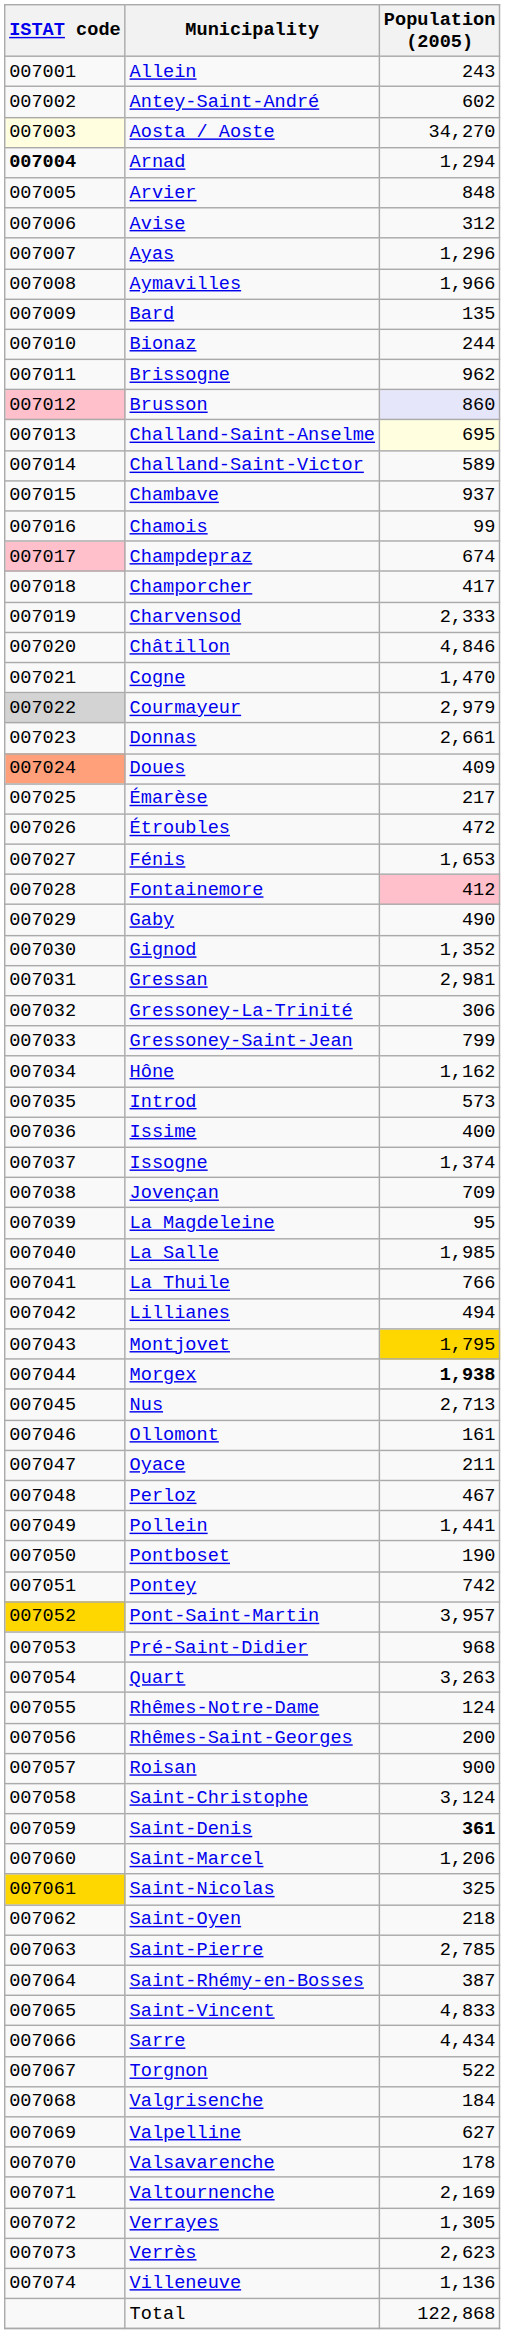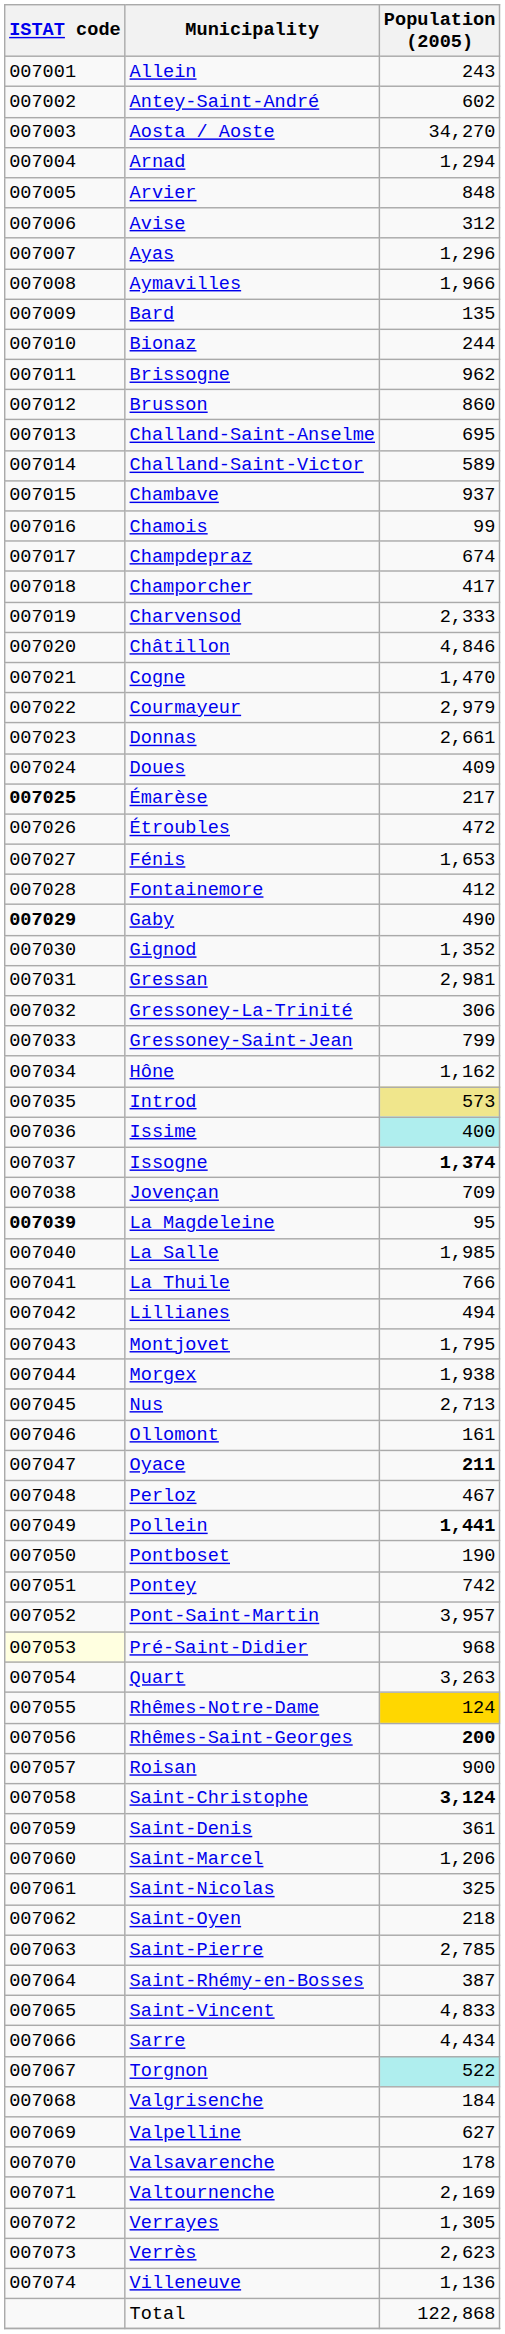 <table class="wikitable sortable">
 <tr>
 <th><a href='#'>ISTAT</a> code</th>
 <th>Municipality</th>
 <th>Population <br>(2005)</th>
 </tr>
 <tr>
 <td>007001</td>
 <td><a href='#'>Allein</a></td>
 <td align="right">243</td>
 </tr>
 <tr>
 <td>007002</td>
 <td><a href='#'>Antey-Saint-André</a></td>
 <td align="right">602</td>
 </tr>
 <tr>
-<td style="background: lightyellow;">007003</td>
+<td>007003</td>
 <td><a href='#'>Aosta / Aoste</a></td>
 <td align="right">34,270</td>
 </tr>
 <tr>
-<td><strong>007004</strong></td>
+<td>007004</td>
 <td><a href='#'>Arnad</a></td>
 <td align="right">1,294</td>
 </tr>
 <tr>
 <td>007005</td>
 <td><a href='#'>Arvier</a></td>
 <td align="right">848</td>
 </tr>
 <tr>
 <td>007006</td>
 <td><a href='#'>Avise</a></td>
 <td align="right">312</td>
 </tr>
 <tr>
 <td>007007</td>
 <td><a href='#'>Ayas</a></td>
 <td align="right">1,296</td>
 </tr>
 <tr>
 <td>007008</td>
 <td><a href='#'>Aymavilles</a></td>
 <td align="right">1,966</td>
 </tr>
 <tr>
 <td>007009</td>
 <td><a href='#'>Bard</a></td>
 <td align="right">135</td>
 </tr>
 <tr>
 <td>007010</td>
 <td><a href='#'>Bionaz</a></td>
 <td align="right">244</td>
 </tr>
 <tr>
 <td>007011</td>
 <td><a href='#'>Brissogne</a></td>
 <td align="right">962</td>
 </tr>
 <tr>
-<td style="background: pink;">007012</td>
+<td>007012</td>
 <td><a href='#'>Brusson</a></td>
-<td align="right" style="background: lavender;">860</td>
+<td align="right">860</td>
 </tr>
 <tr>
 <td>007013</td>
 <td><a href='#'>Challand-Saint-Anselme</a></td>
-<td align="right" style="background: lightyellow;">695</td>
+<td align="right">695</td>
 </tr>
 <tr>
 <td>007014</td>
 <td><a href='#'>Challand-Saint-Victor</a></td>
 <td align="right">589</td>
 </tr>
 <tr>
 <td>007015</td>
 <td><a href='#'>Chambave</a></td>
 <td align="right">937</td>
 </tr>
 <tr>
 <td>007016</td>
 <td><a href='#'>Chamois</a></td>
 <td align="right">99</td>
 </tr>
 <tr>
-<td style="background: pink;">007017</td>
+<td>007017</td>
 <td><a href='#'>Champdepraz</a></td>
 <td align="right">674</td>
 </tr>
 <tr>
 <td>007018</td>
 <td><a href='#'>Champorcher</a></td>
 <td align="right">417</td>
 </tr>
 <tr>
 <td>007019</td>
 <td><a href='#'>Charvensod</a></td>
 <td align="right">2,333</td>
 </tr>
 <tr>
 <td>007020</td>
 <td><a href='#'>Châtillon</a></td>
 <td align="right">4,846</td>
 </tr>
 <tr>
 <td>007021</td>
 <td><a href='#'>Cogne</a></td>
 <td align="right">1,470</td>
 </tr>
 <tr>
-<td style="background: lightgrey;">007022</td>
+<td>007022</td>
 <td><a href='#'>Courmayeur</a></td>
 <td align="right">2,979</td>
 </tr>
 <tr>
 <td>007023</td>
 <td><a href='#'>Donnas</a></td>
 <td align="right">2,661</td>
 </tr>
 <tr>
-<td style="background: lightsalmon;">007024</td>
+<td>007024</td>
 <td><a href='#'>Doues</a></td>
 <td align="right">409</td>
 </tr>
 <tr>
-<td>007025</td>
+<td><strong>007025</strong></td>
 <td><a href='#'>Émarèse</a></td>
 <td align="right">217</td>
 </tr>
 <tr>
 <td>007026</td>
 <td><a href='#'>Étroubles</a></td>
 <td align="right">472</td>
 </tr>
 <tr>
 <td>007027</td>
 <td><a href='#'>Fénis</a></td>
 <td align="right">1,653</td>
 </tr>
 <tr>
 <td>007028</td>
 <td><a href='#'>Fontainemore</a></td>
-<td align="right" style="background: pink;">412</td>
+<td align="right">412</td>
 </tr>
 <tr>
-<td>007029</td>
+<td><strong>007029</strong></td>
 <td><a href='#'>Gaby</a></td>
 <td align="right">490</td>
 </tr>
 <tr>
 <td>007030</td>
 <td><a href='#'>Gignod</a></td>
 <td align="right">1,352</td>
 </tr>
 <tr>
 <td>007031</td>
 <td><a href='#'>Gressan</a></td>
 <td align="right">2,981</td>
 </tr>
 <tr>
 <td>007032</td>
 <td><a href='#'>Gressoney-La-Trinité</a></td>
 <td align="right">306</td>
 </tr>
 <tr>
 <td>007033</td>
 <td><a href='#'>Gressoney-Saint-Jean</a></td>
 <td align="right">799</td>
 </tr>
 <tr>
 <td>007034</td>
 <td><a href='#'>Hône</a></td>
 <td align="right">1,162</td>
 </tr>
 <tr>
 <td>007035</td>
 <td><a href='#'>Introd</a></td>
-<td align="right">573</td>
+<td align="right" style="background: khaki;">573</td>
 </tr>
 <tr>
 <td>007036</td>
 <td><a href='#'>Issime</a></td>
-<td align="right">400</td>
+<td align="right" style="background: paleturquoise;">400</td>
 </tr>
 <tr>
 <td>007037</td>
 <td><a href='#'>Issogne</a></td>
-<td align="right">1,374</td>
+<td align="right"><strong>1,374</strong></td>
 </tr>
 <tr>
 <td>007038</td>
 <td><a href='#'>Jovençan</a></td>
 <td align="right">709</td>
 </tr>
 <tr>
-<td>007039</td>
+<td><strong>007039</strong></td>
 <td><a href='#'>La Magdeleine</a></td>
 <td align="right">95</td>
 </tr>
 <tr>
 <td>007040</td>
 <td><a href='#'>La Salle</a></td>
 <td align="right">1,985</td>
 </tr>
 <tr>
 <td>007041</td>
 <td><a href='#'>La Thuile</a></td>
 <td align="right">766</td>
 </tr>
 <tr>
 <td>007042</td>
 <td><a href='#'>Lillianes</a></td>
 <td align="right">494</td>
 </tr>
 <tr>
 <td>007043</td>
 <td><a href='#'>Montjovet</a></td>
-<td align="right" style="background: gold;">1,795</td>
+<td align="right">1,795</td>
 </tr>
 <tr>
 <td>007044</td>
 <td><a href='#'>Morgex</a></td>
-<td align="right"><strong>1,938</strong></td>
+<td align="right">1,938</td>
 </tr>
 <tr>
 <td>007045</td>
 <td><a href='#'>Nus</a></td>
 <td align="right">2,713</td>
 </tr>
 <tr>
 <td>007046</td>
 <td><a href='#'>Ollomont</a></td>
 <td align="right">161</td>
 </tr>
 <tr>
 <td>007047</td>
 <td><a href='#'>Oyace</a></td>
-<td align="right">211</td>
+<td align="right"><strong>211</strong></td>
 </tr>
 <tr>
 <td>007048</td>
 <td><a href='#'>Perloz</a></td>
 <td align="right">467</td>
 </tr>
 <tr>
 <td>007049</td>
 <td><a href='#'>Pollein</a></td>
-<td align="right">1,441</td>
+<td align="right"><strong>1,441</strong></td>
 </tr>
 <tr>
 <td>007050</td>
 <td><a href='#'>Pontboset</a></td>
 <td align="right">190</td>
 </tr>
 <tr>
 <td>007051</td>
 <td><a href='#'>Pontey</a></td>
 <td align="right">742</td>
 </tr>
 <tr>
-<td style="background: gold;">007052</td>
+<td>007052</td>
 <td><a href='#'>Pont-Saint-Martin</a></td>
 <td align="right">3,957</td>
 </tr>
 <tr>
-<td>007053</td>
+<td style="background: lightyellow;">007053</td>
 <td><a href='#'>Pré-Saint-Didier</a></td>
 <td align="right">968</td>
 </tr>
 <tr>
 <td>007054</td>
 <td><a href='#'>Quart</a></td>
 <td align="right">3,263</td>
 </tr>
 <tr>
 <td>007055</td>
 <td><a href='#'>Rhêmes-Notre-Dame</a></td>
-<td align="right">124</td>
+<td align="right" style="background: gold;">124</td>
 </tr>
 <tr>
 <td>007056</td>
 <td><a href='#'>Rhêmes-Saint-Georges</a></td>
-<td align="right">200</td>
+<td align="right"><strong>200</strong></td>
 </tr>
 <tr>
 <td>007057</td>
 <td><a href='#'>Roisan</a></td>
 <td align="right">900</td>
 </tr>
 <tr>
 <td>007058</td>
 <td><a href='#'>Saint-Christophe</a></td>
-<td align="right">3,124</td>
+<td align="right"><strong>3,124</strong></td>
 </tr>
 <tr>
 <td>007059</td>
 <td><a href='#'>Saint-Denis</a></td>
-<td align="right"><strong>361</strong></td>
+<td align="right">361</td>
 </tr>
 <tr>
 <td>007060</td>
 <td><a href='#'>Saint-Marcel</a></td>
 <td align="right">1,206</td>
 </tr>
 <tr>
-<td style="background: gold;">007061</td>
+<td>007061</td>
 <td><a href='#'>Saint-Nicolas</a></td>
 <td align="right">325</td>
 </tr>
 <tr>
 <td>007062</td>
 <td><a href='#'>Saint-Oyen</a></td>
 <td align="right">218</td>
 </tr>
 <tr>
 <td>007063</td>
 <td><a href='#'>Saint-Pierre</a></td>
 <td align="right">2,785</td>
 </tr>
 <tr>
 <td>007064</td>
 <td><a href='#'>Saint-Rhémy-en-Bosses</a></td>
 <td align="right">387</td>
 </tr>
 <tr>
 <td>007065</td>
 <td><a href='#'>Saint-Vincent</a></td>
 <td align="right">4,833</td>
 </tr>
 <tr>
 <td>007066</td>
 <td><a href='#'>Sarre</a></td>
 <td align="right">4,434</td>
 </tr>
 <tr>
 <td>007067</td>
 <td><a href='#'>Torgnon</a></td>
-<td align="right">522</td>
+<td align="right" style="background: paleturquoise;">522</td>
 </tr>
 <tr>
 <td>007068</td>
 <td><a href='#'>Valgrisenche</a></td>
 <td align="right">184</td>
 </tr>
 <tr>
 <td>007069</td>
 <td><a href='#'>Valpelline</a></td>
 <td align="right">627</td>
 </tr>
 <tr>
 <td>007070</td>
 <td><a href='#'>Valsavarenche</a></td>
 <td align="right">178</td>
 </tr>
 <tr>
 <td>007071</td>
 <td><a href='#'>Valtournenche</a></td>
 <td align="right">2,169</td>
 </tr>
 <tr>
 <td>007072</td>
 <td><a href='#'>Verrayes</a></td>
 <td align="right">1,305</td>
 </tr>
 <tr>
 <td>007073</td>
 <td><a href='#'>Verrès</a></td>
 <td align="right">2,623</td>
 </tr>
 <tr>
 <td>007074</td>
 <td><a href='#'>Villeneuve</a></td>
 <td align="right">1,136</td>
 </tr>
 <tr>
 <td></td>
 <td>Total</td>
 <td align="right">122,868</td>
 </tr>
 <tr>
 </tr>
 </table>
